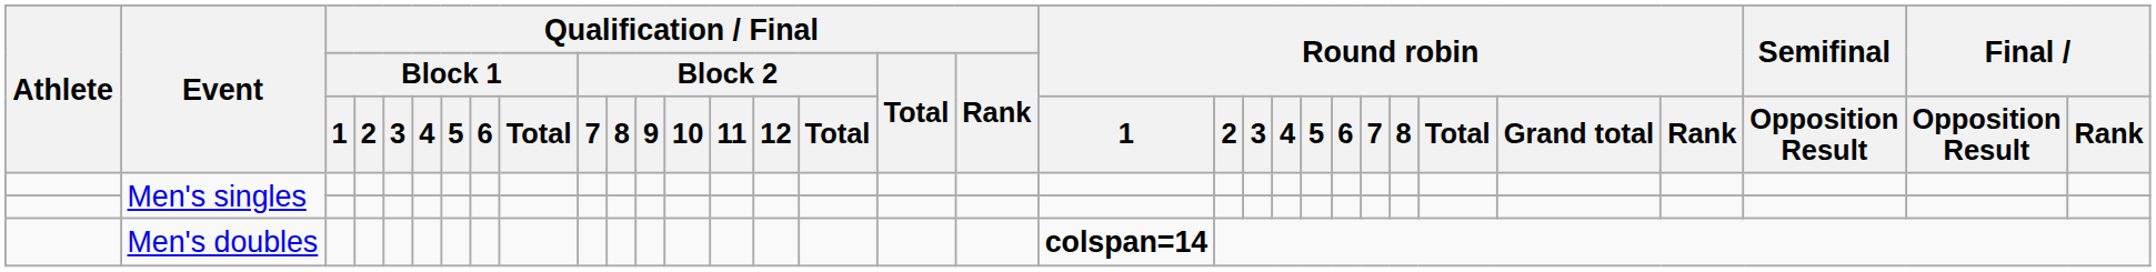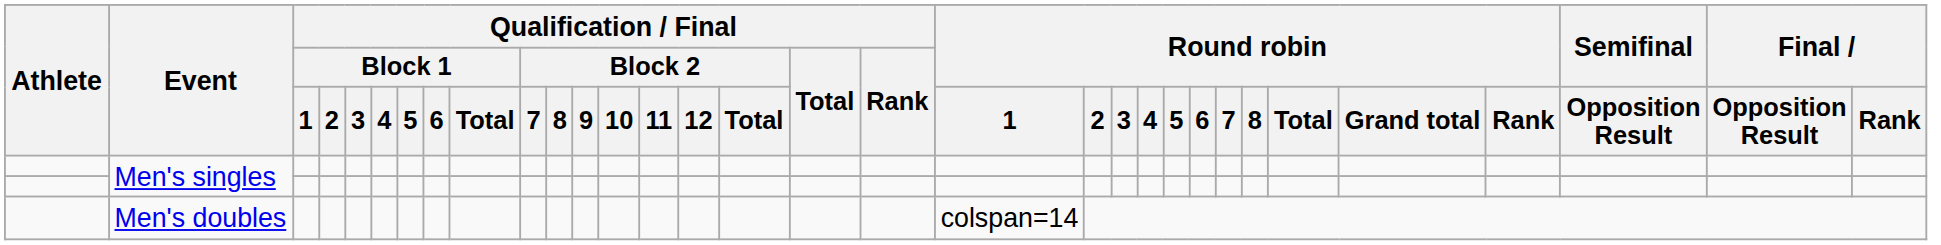 <table class=wikitable style=font-size:90%;text-align:center>
 <tr>
 <th rowspan=3>Athlete</th>
 <th rowspan=3>Event</th>
 <th colspan=16>Qualification / Final</th>
 <th colspan=11 rowspan=2>Round robin</th>
 <th rowspan=2>Semifinal</th>
 <th rowspan=2 colspan=2>Final / </th>
 </tr>
 <tr style=font-size:95%>
 <th colspan=7>Block 1</th>
 <th colspan=7>Block 2</th>
 <th rowspan=2>Total</th>
 <th rowspan=2>Rank</th>
 </tr>
 <tr style=font-size:95%>
 <th>1</th>
 <th>2</th>
 <th>3</th>
 <th>4</th>
 <th>5</th>
 <th>6</th>
 <th>Total</th>
 <th>7</th>
 <th>8</th>
 <th>9</th>
 <th>10</th>
 <th>11</th>
 <th>12</th>
 <th>Total</th>
 <th>1</th>
 <th>2</th>
 <th>3</th>
 <th>4</th>
 <th>5</th>
 <th>6</th>
 <th>7</th>
 <th>8</th>
 <th>Total</th>
 <th>Grand total</th>
 <th>Rank</th>
 <th>Opposition<br>Result</th>
 <th>Opposition<br>Result</th>
 <th>Rank</th>
 </tr>
 <tr>
 <td align=left></td>
 <td align=left rowspan=2><a href='#'>Men's singles</a></td>
 <td></td>
 <td></td>
 <td></td>
 <td></td>
 <td></td>
 <td></td>
 <td></td>
 <td></td>
 <td></td>
 <td></td>
 <td></td>
 <td></td>
 <td></td>
 <td></td>
 <td></td>
 <td></td>
 <td></td>
 <td></td>
 <td></td>
 <td></td>
 <td></td>
 <td></td>
 <td></td>
 <td></td>
 <td></td>
 <td></td>
 <td></td>
 <td></td>
 <td></td>
 <td></td>
 </tr>
 <tr>
 <td align=left></td>
 <td></td>
 <td></td>
 <td></td>
 <td></td>
 <td></td>
 <td></td>
 <td></td>
 <td></td>
 <td></td>
 <td></td>
 <td></td>
 <td></td>
 <td></td>
 <td></td>
 <td></td>
 <td></td>
 <td></td>
 <td></td>
 <td></td>
 <td></td>
 <td></td>
 <td></td>
 <td></td>
 <td></td>
 <td></td>
 <td></td>
 <td></td>
 <td></td>
 <td></td>
 <td></td>
 </tr>
 <tr>
 <td align=left></td>
 <td align=left><a href='#'>Men's doubles</a></td>
 <td></td>
 <td></td>
 <td></td>
 <td></td>
 <td></td>
 <td></td>
 <td></td>
 <td></td>
 <td></td>
 <td></td>
 <td></td>
 <td></td>
 <td></td>
 <td></td>
 <td></td>
 <td></td>
-<td><strong>colspan=14 </strong></td>
+<td>colspan=14 </td>
 </tr>
 </table>
